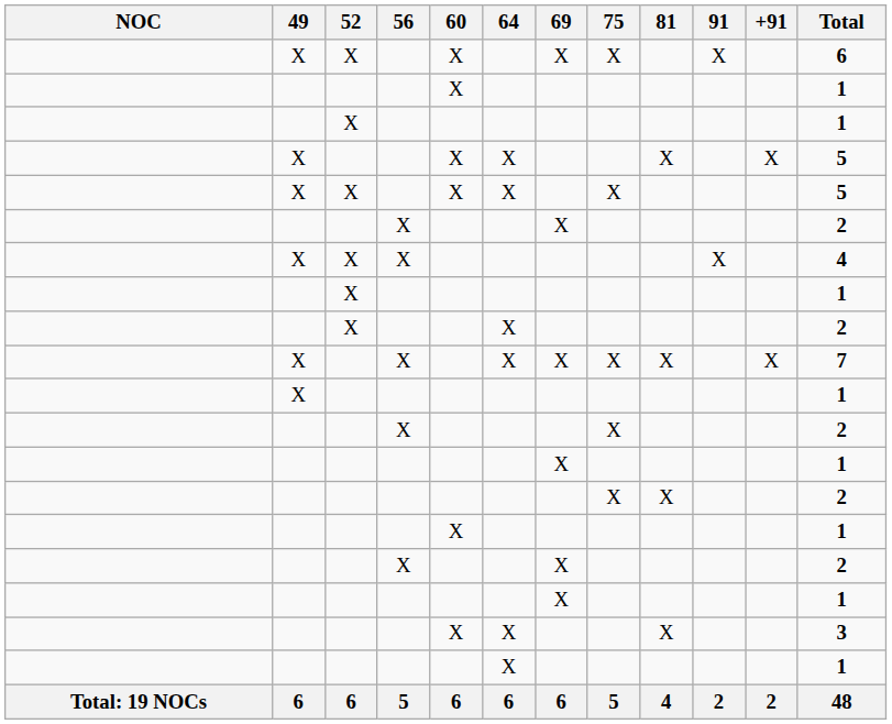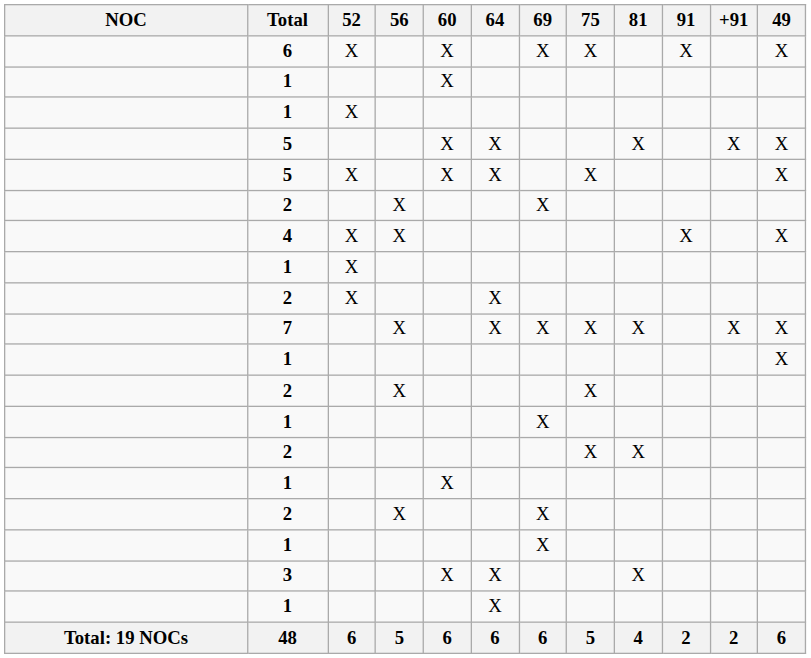 <table class="wikitable" style="text-align:center; font-size:90%">
 <tr>
 <th width=180 align="left">NOC</th>
-<th width=30>49</th>
+<th width=55>Total</th>
 <th width=30>52</th>
 <th width=30>56</th>
 <th width=30>60</th>
 <th width=30>64</th>
 <th width=30>69</th>
 <th width=30>75</th>
 <th width=30>81</th>
 <th width=30>91</th>
 <th width=30>+91</th>
-<th width=55>Total</th>
+<th width=30>49</th>
 </tr>
 <tr>
 <td align=left></td>
-<td>X</td>
+<td><strong>6</strong></td>
 <td>X</td>
 <td></td>
 <td>X</td>
 <td></td>
 <td>X</td>
 <td>X</td>
 <td></td>
 <td>X</td>
 <td></td>
-<td><strong>6</strong></td>
+<td>X</td>
 </tr>
 <tr>
 <td align=left></td>
+<td><strong>1</strong></td>
+<td></td>
+<td></td>
+<td>X</td>
+<td></td>
+<td></td>
+<td></td>
+<td></td>
+<td></td>
+<td></td>
+<td></td>
+</tr>
+<tr>
+<td align=left></td>
+<td><strong>1</strong></td>
+<td>X</td>
+<td></td>
+<td></td>
+<td></td>
+<td></td>
+<td></td>
+<td></td>
+<td></td>
+<td></td>
+<td></td>
+</tr>
+<tr>
+<td align=left></td>
+<td><strong>5</strong></td>
+<td></td>
+<td></td>
+<td>X</td>
+<td>X</td>
+<td></td>
+<td></td>
+<td>X</td>
+<td></td>
+<td>X</td>
+<td>X</td>
+</tr>
+<tr>
+<td align=left></td>
+<td><strong>5</strong></td>
+<td>X</td>
+<td></td>
+<td>X</td>
+<td>X</td>
+<td></td>
+<td>X</td>
+<td></td>
+<td></td>
+<td></td>
+<td>X</td>
+</tr>
+<tr>
+<td align=left></td>
+<td><strong>2</strong></td>
+<td></td>
+<td>X</td>
+<td></td>
+<td></td>
+<td>X</td>
+<td></td>
+<td></td>
+<td></td>
+<td></td>
+<td></td>
+</tr>
+<tr>
+<td align=left></td>
+<td><strong>4</strong></td>
+<td>X</td>
+<td>X</td>
+<td></td>
+<td></td>
+<td></td>
+<td></td>
+<td></td>
+<td>X</td>
+<td></td>
+<td>X</td>
+</tr>
+<tr>
+<td align=left></td>
+<td><strong>1</strong></td>
+<td>X</td>
+<td></td>
+<td></td>
+<td></td>
+<td></td>
+<td></td>
+<td></td>
+<td></td>
+<td></td>
+<td></td>
+</tr>
+<tr>
+<td align=left></td>
+<td><strong>2</strong></td>
+<td>X</td>
+<td></td>
+<td></td>
+<td>X</td>
+<td></td>
+<td></td>
+<td></td>
+<td></td>
+<td></td>
+<td></td>
+</tr>
+<tr>
+<td align=left></td>
+<td><strong>7</strong></td>
+<td></td>
+<td>X</td>
+<td></td>
+<td>X</td>
+<td>X</td>
+<td>X</td>
+<td>X</td>
+<td></td>
+<td>X</td>
+<td>X</td>
+</tr>
+<tr>
+<td align=left></td>
+<td><strong>1</strong></td>
+<td></td>
+<td></td>
+<td></td>
+<td></td>
+<td></td>
+<td></td>
+<td></td>
+<td></td>
+<td></td>
+<td>X</td>
+</tr>
+<tr>
+<td align=left></td>
+<td><strong>2</strong></td>
+<td></td>
+<td>X</td>
+<td></td>
+<td></td>
+<td></td>
+<td>X</td>
+<td></td>
+<td></td>
+<td></td>
+<td></td>
+</tr>
+<tr>
+<td align=left></td>
+<td><strong>1</strong></td>
+<td></td>
+<td></td>
+<td></td>
+<td></td>
+<td>X</td>
+<td></td>
+<td></td>
+<td></td>
+<td></td>
+<td></td>
+</tr>
+<tr>
+<td align=left></td>
+<td><strong>2</strong></td>
+<td></td>
+<td></td>
+<td></td>
+<td></td>
+<td></td>
+<td>X</td>
+<td>X</td>
+<td></td>
+<td></td>
+<td></td>
+</tr>
+<tr>
+<td align=left></td>
+<td><strong>1</strong></td>
+<td></td>
+<td></td>
+<td>X</td>
+<td></td>
+<td></td>
+<td></td>
+<td></td>
+<td></td>
+<td></td>
+<td></td>
+</tr>
+<tr>
+<td align=left></td>
+<td><strong>2</strong></td>
+<td></td>
+<td>X</td>
+<td></td>
+<td></td>
+<td>X</td>
+<td></td>
+<td></td>
+<td></td>
+<td></td>
+<td></td>
+</tr>
+<tr>
+<td align=left></td>
+<td><strong>1</strong></td>
+<td></td>
+<td></td>
+<td></td>
+<td></td>
+<td>X</td>
+<td></td>
+<td></td>
+<td></td>
+<td></td>
+<td></td>
+</tr>
+<tr>
+<td align=left></td>
+<td><strong>3</strong></td>
+<td></td>
+<td></td>
+<td>X</td>
+<td>X</td>
+<td></td>
+<td></td>
+<td>X</td>
+<td></td>
+<td></td>
+<td></td>
+</tr>
+<tr>
+<td align=left></td>
+<td><strong>1</strong></td>
 <td></td>
 <td></td>
 <td></td>
 <td>X</td>
 <td></td>
 <td></td>
 <td></td>
 <td></td>
 <td></td>
 <td></td>
-<td><strong>1</strong></td>
-</tr>
-<tr>
-<td align=left></td>
-<td></td>
-<td>X</td>
-<td></td>
-<td></td>
-<td></td>
-<td></td>
-<td></td>
-<td></td>
-<td></td>
-<td></td>
-<td><strong>1</strong></td>
-</tr>
-<tr>
-<td align=left></td>
-<td>X</td>
-<td></td>
-<td></td>
-<td>X</td>
-<td>X</td>
-<td></td>
-<td></td>
-<td>X</td>
-<td></td>
-<td>X</td>
-<td><strong>5</strong></td>
-</tr>
-<tr>
-<td align=left></td>
-<td>X</td>
-<td>X</td>
-<td></td>
-<td>X</td>
-<td>X</td>
-<td></td>
-<td>X</td>
-<td></td>
-<td></td>
-<td></td>
-<td><strong>5</strong></td>
-</tr>
-<tr>
-<td align=left></td>
-<td></td>
-<td></td>
-<td>X</td>
-<td></td>
-<td></td>
-<td>X</td>
-<td></td>
-<td></td>
-<td></td>
-<td></td>
-<td><strong>2</strong></td>
-</tr>
-<tr>
-<td align=left></td>
-<td>X</td>
-<td>X</td>
-<td>X</td>
-<td></td>
-<td></td>
-<td></td>
-<td></td>
-<td></td>
-<td>X</td>
-<td></td>
-<td><strong>4</strong></td>
-</tr>
-<tr>
-<td align=left></td>
-<td></td>
-<td>X</td>
-<td></td>
-<td></td>
-<td></td>
-<td></td>
-<td></td>
-<td></td>
-<td></td>
-<td></td>
-<td><strong>1</strong></td>
-</tr>
-<tr>
-<td align=left></td>
-<td></td>
-<td>X</td>
-<td></td>
-<td></td>
-<td>X</td>
-<td></td>
-<td></td>
-<td></td>
-<td></td>
-<td></td>
-<td><strong>2</strong></td>
-</tr>
-<tr>
-<td align=left></td>
-<td>X</td>
-<td></td>
-<td>X</td>
-<td></td>
-<td>X</td>
-<td>X</td>
-<td>X</td>
-<td>X</td>
-<td></td>
-<td>X</td>
-<td><strong>7</strong></td>
-</tr>
-<tr>
-<td align=left></td>
-<td>X</td>
-<td></td>
-<td></td>
-<td></td>
-<td></td>
-<td></td>
-<td></td>
-<td></td>
-<td></td>
-<td></td>
-<td><strong>1</strong></td>
-</tr>
-<tr>
-<td align=left></td>
-<td></td>
-<td></td>
-<td>X</td>
-<td></td>
-<td></td>
-<td></td>
-<td>X</td>
-<td></td>
-<td></td>
-<td></td>
-<td><strong>2</strong></td>
-</tr>
-<tr>
-<td align=left></td>
-<td></td>
-<td></td>
-<td></td>
-<td></td>
-<td></td>
-<td>X</td>
-<td></td>
-<td></td>
-<td></td>
-<td></td>
-<td><strong>1</strong></td>
-</tr>
-<tr>
-<td align=left></td>
-<td></td>
-<td></td>
-<td></td>
-<td></td>
-<td></td>
-<td></td>
-<td>X</td>
-<td>X</td>
-<td></td>
-<td></td>
-<td><strong>2</strong></td>
-</tr>
-<tr>
-<td align=left></td>
-<td></td>
-<td></td>
-<td></td>
-<td>X</td>
-<td></td>
-<td></td>
-<td></td>
-<td></td>
-<td></td>
-<td></td>
-<td><strong>1</strong></td>
-</tr>
-<tr>
-<td align=left></td>
-<td></td>
-<td></td>
-<td>X</td>
-<td></td>
-<td></td>
-<td>X</td>
-<td></td>
-<td></td>
-<td></td>
-<td></td>
-<td><strong>2</strong></td>
-</tr>
-<tr>
-<td align=left></td>
-<td></td>
-<td></td>
-<td></td>
-<td></td>
-<td></td>
-<td>X</td>
-<td></td>
-<td></td>
-<td></td>
-<td></td>
-<td><strong>1</strong></td>
-</tr>
-<tr>
-<td align=left></td>
-<td></td>
-<td></td>
-<td></td>
-<td>X</td>
-<td>X</td>
-<td></td>
-<td></td>
-<td>X</td>
-<td></td>
-<td></td>
-<td><strong>3</strong></td>
-</tr>
-<tr>
-<td align=left></td>
-<td></td>
-<td></td>
-<td></td>
-<td></td>
-<td>X</td>
-<td></td>
-<td></td>
-<td></td>
-<td></td>
-<td></td>
-<td><strong>1</strong></td>
 </tr>
 <tr>
 <th>Total: 19 NOCs</th>
-<th>6</th>
+<th>48</th>
 <th>6</th>
 <th>5</th>
 <th>6</th>
 <th>6</th>
 <th>6</th>
 <th>5</th>
 <th>4</th>
 <th>2</th>
 <th>2</th>
-<th>48</th>
+<th>6</th>
 </tr>
 </table>
